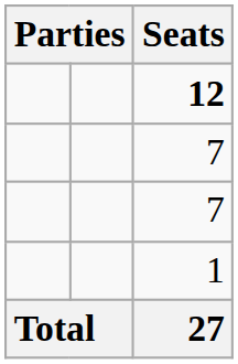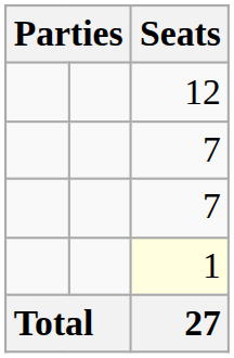 <table class="wikitable" style="text-align:left;">
 <tr>
 <th colspan="2">Parties</th>
 <th>Seats</th>
 </tr>
 <tr>
 <td></td>
 <td></td>
-<td style="text-align:right;"><strong>12</strong></td>
+<td style="text-align:right;">12</td>
 </tr>
 <tr>
 <td></td>
 <td></td>
 <td style="text-align:right;">7</td>
 </tr>
 <tr>
 <td></td>
 <td></td>
 <td style="text-align:right;">7</td>
 </tr>
 <tr>
 <td></td>
 <td></td>
-<td style="text-align:right;">1</td>
+<td style="background: lightyellow; text-align:right;">1</td>
 </tr>
 <tr>
 <th colspan="2" style="text-align:left;">Total</th>
 <th style="text-align:right;">27</th>
 </tr>
 </table>
